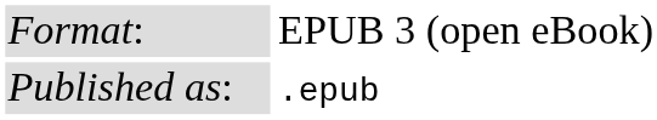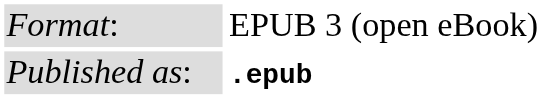 <table style="text-align:left;">
 <tr>
 <td style="background:#ddd; width:100px;"><em>Format</em>:</td>
 <td>EPUB 3 (open eBook)</td>
 </tr>
 <tr>
 <td style="background:#ddd;"><em>Published as</em>:</td>
-<td><code>.epub</code></td>
+<td><strong><code>.epub</code></strong></td>
 </tr>
 </table>
